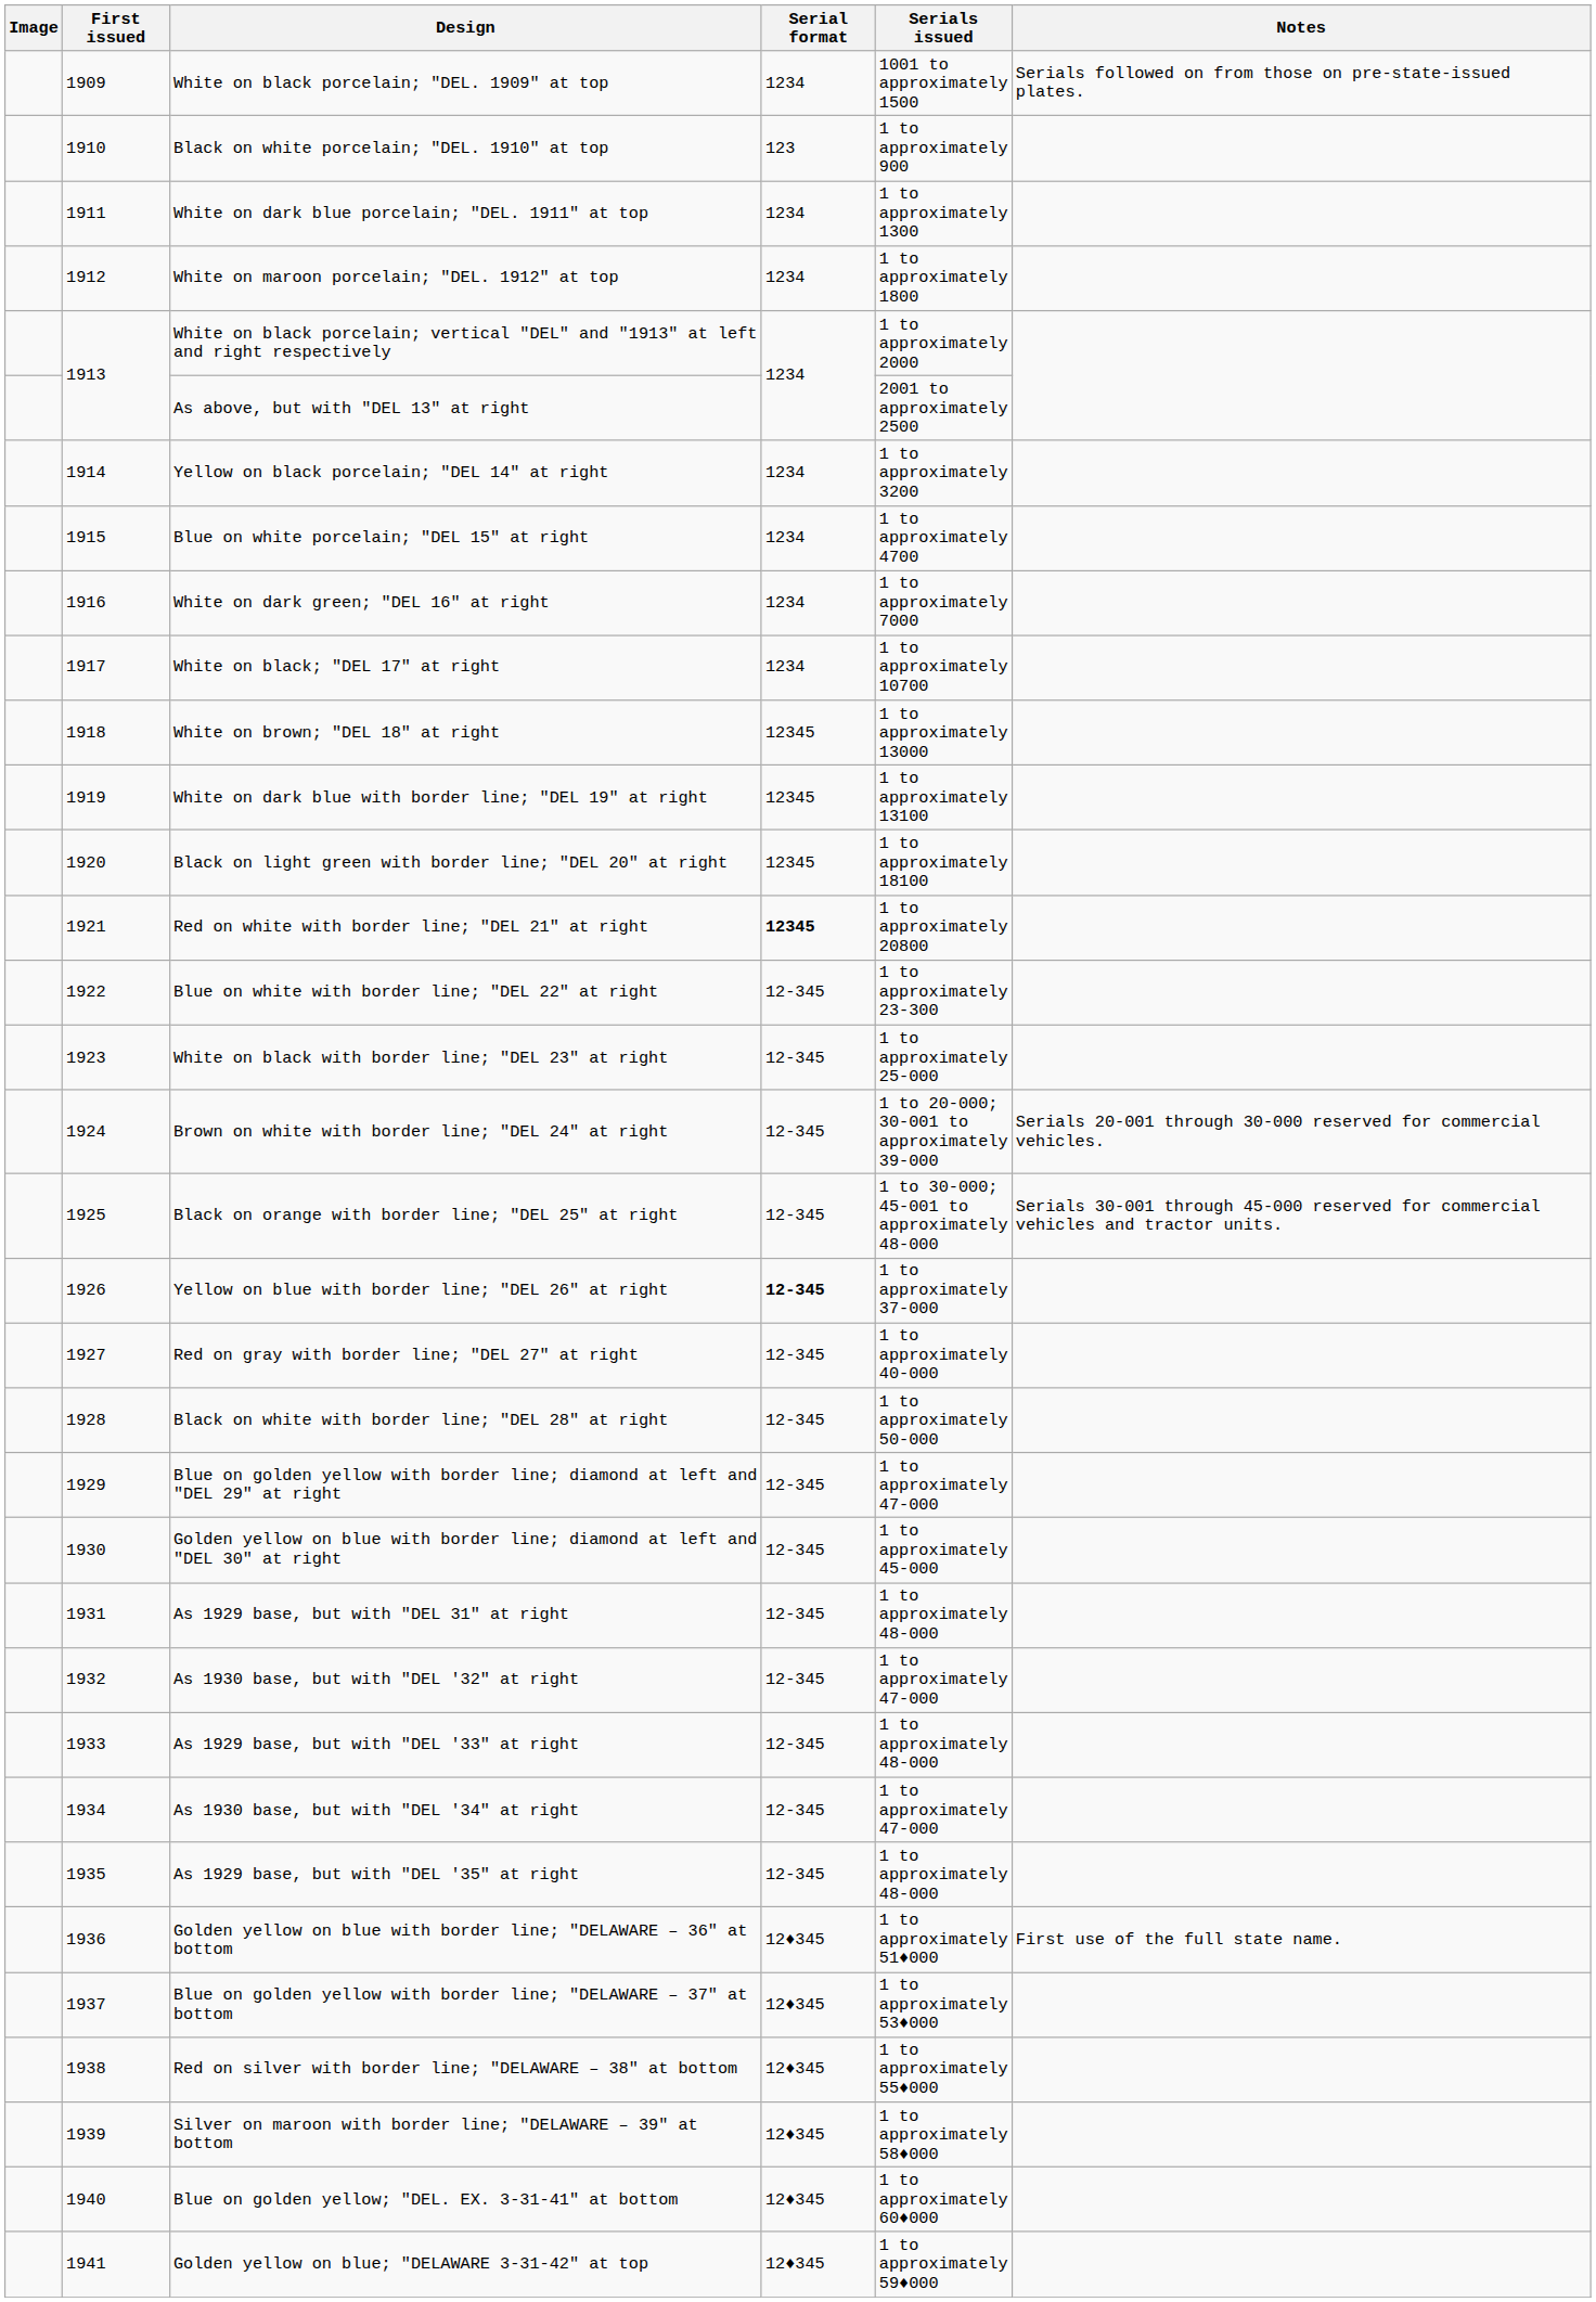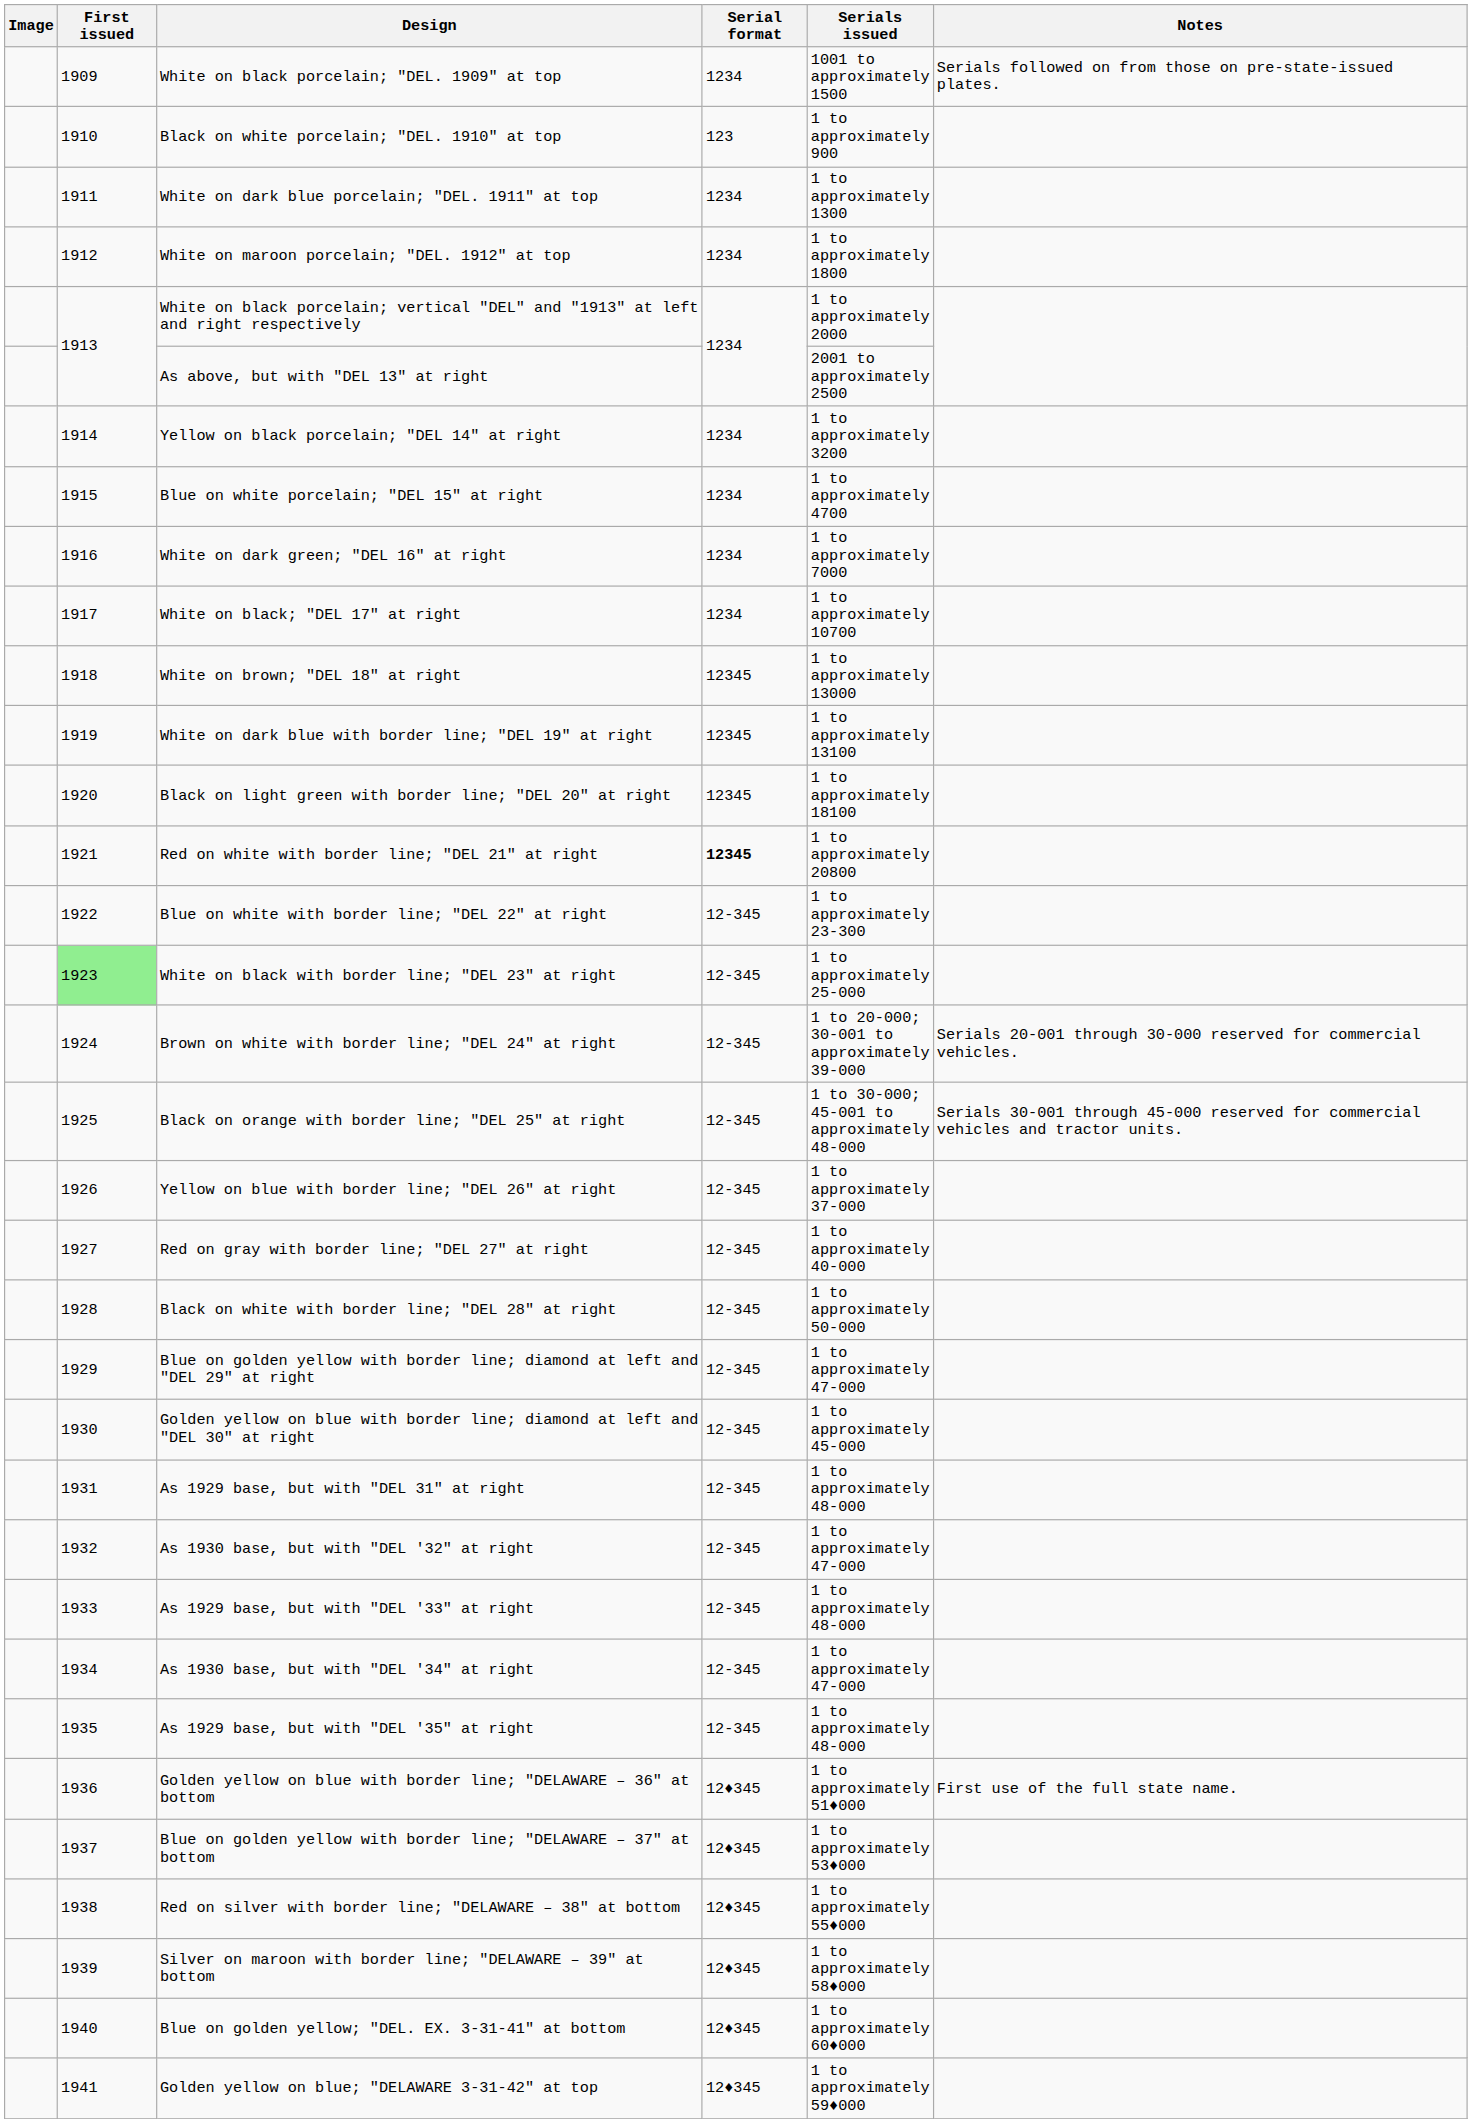 <table class="wikitable">
 <tr>
 <th>Image</th>
 <th>First issued</th>
 <th>Design</th>
 <th>Serial format</th>
 <th style="width:95px;">Serials issued</th>
 <th>Notes</th>
 </tr>
 <tr>
 <td></td>
 <td>1909</td>
 <td>White on black porcelain; "DEL. 1909" at top</td>
 <td>1234</td>
 <td>1001 to approximately 1500</td>
 <td>Serials followed on from those on pre-state-issued plates.</td>
 </tr>
 <tr>
 <td></td>
 <td>1910</td>
 <td>Black on white porcelain; "DEL. 1910" at top</td>
 <td>123</td>
 <td>1 to approximately 900</td>
 <td></td>
 </tr>
 <tr>
 <td></td>
 <td>1911</td>
 <td>White on dark blue porcelain; "DEL. 1911" at top</td>
 <td>1234</td>
 <td>1 to approximately 1300</td>
 <td></td>
 </tr>
 <tr>
 <td></td>
 <td>1912</td>
 <td>White on maroon porcelain; "DEL. 1912" at top</td>
 <td>1234</td>
 <td>1 to approximately 1800</td>
 <td></td>
 </tr>
 <tr>
 <td></td>
 <td rowspan="2">1913</td>
 <td>White on black porcelain; vertical "DEL" and "1913" at left and right respectively</td>
 <td rowspan="2">1234</td>
 <td>1 to approximately 2000</td>
 <td rowspan="2"></td>
 </tr>
 <tr>
 <td></td>
 <td>As above, but with "DEL 13" at right</td>
 <td>2001 to approximately 2500</td>
 </tr>
 <tr>
 <td></td>
 <td>1914</td>
 <td>Yellow on black porcelain; "DEL 14" at right</td>
 <td>1234</td>
 <td>1 to approximately 3200</td>
 <td></td>
 </tr>
 <tr>
 <td></td>
 <td>1915</td>
 <td>Blue on white porcelain; "DEL 15" at right</td>
 <td>1234</td>
 <td>1 to approximately 4700</td>
 <td></td>
 </tr>
 <tr>
 <td></td>
 <td>1916</td>
 <td>White on dark green; "DEL 16" at right</td>
 <td>1234</td>
 <td>1 to approximately 7000</td>
 <td></td>
 </tr>
 <tr>
 <td></td>
 <td>1917</td>
 <td>White on black; "DEL 17" at right</td>
 <td>1234</td>
 <td>1 to approximately 10700</td>
 <td></td>
 </tr>
 <tr>
 <td></td>
 <td>1918</td>
 <td>White on brown; "DEL 18" at right</td>
 <td>12345</td>
 <td>1 to approximately 13000</td>
 <td></td>
 </tr>
 <tr>
 <td></td>
 <td>1919</td>
 <td>White on dark blue with border line; "DEL 19" at right</td>
 <td>12345</td>
 <td>1 to approximately 13100</td>
 <td></td>
 </tr>
 <tr>
 <td></td>
 <td>1920</td>
 <td>Black on light green with border line; "DEL 20" at right</td>
 <td>12345</td>
 <td>1 to approximately 18100</td>
 <td></td>
 </tr>
 <tr>
 <td></td>
 <td>1921</td>
 <td>Red on white with border line; "DEL 21" at right</td>
 <td><strong>12345</strong></td>
 <td>1 to approximately 20800</td>
 <td></td>
 </tr>
 <tr>
 <td></td>
 <td>1922</td>
 <td>Blue on white with border line; "DEL 22" at right</td>
 <td>12-345</td>
 <td>1 to approximately<br>23-300</td>
 <td></td>
 </tr>
 <tr>
 <td></td>
-<td>1923</td>
+<td style="background: lightgreen;">1923</td>
 <td>White on black with border line; "DEL 23" at right</td>
 <td>12-345</td>
 <td>1 to approximately<br>25-000</td>
 <td></td>
 </tr>
 <tr>
 <td></td>
 <td>1924</td>
 <td>Brown on white with border line; "DEL 24" at right</td>
 <td>12-345</td>
 <td>1 to 20-000;<br>30-001 to approximately<br>39-000</td>
 <td>Serials 20-001 through 30-000 reserved for commercial vehicles.</td>
 </tr>
 <tr>
 <td></td>
 <td>1925</td>
 <td>Black on orange with border line; "DEL 25" at right</td>
 <td>12-345</td>
 <td>1 to 30-000;<br>45-001 to approximately<br>48-000</td>
 <td>Serials 30-001 through 45-000 reserved for commercial vehicles and tractor units.</td>
 </tr>
 <tr>
 <td></td>
 <td>1926</td>
 <td>Yellow on blue with border line; "DEL 26" at right</td>
-<td><strong>12-345</strong></td>
+<td>12-345</td>
 <td>1 to approximately<br>37-000</td>
 <td></td>
 </tr>
 <tr>
 <td></td>
 <td>1927</td>
 <td>Red on gray with border line; "DEL 27" at right</td>
 <td>12-345</td>
 <td>1 to approximately<br>40-000</td>
 <td></td>
 </tr>
 <tr>
 <td></td>
 <td>1928</td>
 <td>Black on white with border line; "DEL 28" at right</td>
 <td>12-345</td>
 <td>1 to approximately<br>50-000</td>
 <td></td>
 </tr>
 <tr>
 <td></td>
 <td>1929</td>
 <td>Blue on golden yellow with border line; diamond at left and "DEL 29" at right</td>
 <td>12-345</td>
 <td>1 to approximately<br>47-000</td>
 <td></td>
 </tr>
 <tr>
 <td></td>
 <td>1930</td>
 <td>Golden yellow on blue with border line; diamond at left and "DEL 30" at right</td>
 <td>12-345</td>
 <td>1 to approximately<br>45-000</td>
 <td></td>
 </tr>
 <tr>
 <td></td>
 <td>1931</td>
 <td>As 1929 base, but with "DEL 31" at right</td>
 <td>12-345</td>
 <td>1 to approximately<br>48-000</td>
 <td></td>
 </tr>
 <tr>
 <td></td>
 <td>1932</td>
 <td>As 1930 base, but with "DEL '32" at right</td>
 <td>12-345</td>
 <td>1 to approximately<br>47-000</td>
 <td></td>
 </tr>
 <tr>
 <td></td>
 <td>1933</td>
 <td>As 1929 base, but with "DEL '33" at right</td>
 <td>12-345</td>
 <td>1 to approximately<br>48-000</td>
 <td></td>
 </tr>
 <tr>
 <td></td>
 <td>1934</td>
 <td>As 1930 base, but with "DEL '34" at right</td>
 <td>12-345</td>
 <td>1 to approximately<br>47-000</td>
 <td></td>
 </tr>
 <tr>
 <td></td>
 <td>1935</td>
 <td>As 1929 base, but with "DEL '35" at right</td>
 <td>12-345</td>
 <td>1 to approximately<br>48-000</td>
 <td></td>
 </tr>
 <tr>
 <td></td>
 <td>1936</td>
 <td>Golden yellow on blue with border line; "DELAWARE – 36" at bottom</td>
 <td>12♦345</td>
 <td>1 to approximately 51♦000</td>
 <td>First use of the full state name.</td>
 </tr>
 <tr>
 <td></td>
 <td>1937</td>
 <td>Blue on golden yellow with border line; "DELAWARE – 37" at bottom</td>
 <td>12♦345</td>
 <td>1 to approximately 53♦000</td>
 <td></td>
 </tr>
 <tr>
 <td></td>
 <td>1938</td>
 <td>Red on silver with border line; "DELAWARE – 38" at bottom</td>
 <td>12♦345</td>
 <td>1 to approximately 55♦000</td>
 <td></td>
 </tr>
 <tr>
 <td></td>
 <td>1939</td>
 <td>Silver on maroon with border line; "DELAWARE – 39" at bottom</td>
 <td>12♦345</td>
 <td>1 to approximately 58♦000</td>
 <td></td>
 </tr>
 <tr>
 <td></td>
 <td>1940</td>
 <td>Blue on golden yellow; "DEL. EX. 3-31-41" at bottom</td>
 <td>12♦345</td>
 <td>1 to approximately 60♦000</td>
 <td></td>
 </tr>
 <tr>
 <td></td>
 <td>1941</td>
 <td>Golden yellow on blue; "DELAWARE 3-31-42" at top</td>
 <td>12♦345</td>
 <td>1 to approximately 59♦000</td>
 <td></td>
 </tr>
 </table>
